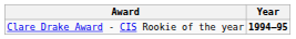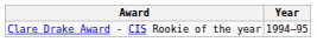 <table class="wikitable">
 <tr>
 <th>Award</th>
 <th>Year</th>
 </tr>
 <tr>
 <td><a href='#'>Clare Drake Award</a> - <a href='#'>CIS</a> Rookie of the year </td>
-<td><strong>1994–95</strong></td>
+<td>1994–95</td>
 </tr>
 </table>
